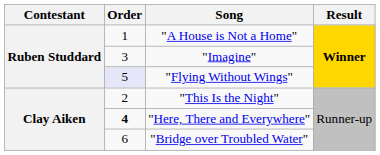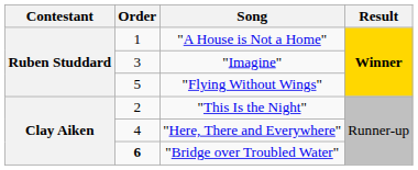 <table class="wikitable unsortable" style="text-align:center;">
 <tr>
 <th scope="col">Contestant</th>
 <th scope="col">Order</th>
 <th scope="col">Song</th>
 <th scope="col">Result</th>
 </tr>
 <tr>
 <th rowspan="3" scope="row"><strong>Ruben Studdard</strong></th>
 <td>1</td>
 <td>"<a href='#'>A House is Not a Home</a>"</td>
 <td rowspan="3" bgcolor="gold"><strong>Winner</strong></td>
 </tr>
 <tr>
 <td>3</td>
 <td>"<a href='#'>Imagine</a>"</td>
 </tr>
 <tr>
-<td style="background: lavender;">5</td>
+<td>5</td>
 <td>"<a href='#'>Flying Without Wings</a>"</td>
 </tr>
 <tr>
 <th rowspan="3" scope="row">Clay Aiken</th>
 <td>2</td>
 <td>"<a href='#'>This Is the Night</a>"</td>
 <td rowspan="3" bgcolor="silver">Runner-up</td>
 </tr>
 <tr>
-<td><strong>4</strong></td>
+<td>4</td>
 <td>"<a href='#'>Here, There and Everywhere</a>"</td>
 </tr>
 <tr>
-<td>6</td>
+<td><strong>6</strong></td>
 <td>"<a href='#'>Bridge over Troubled Water</a>"</td>
 </tr>
 </table>
